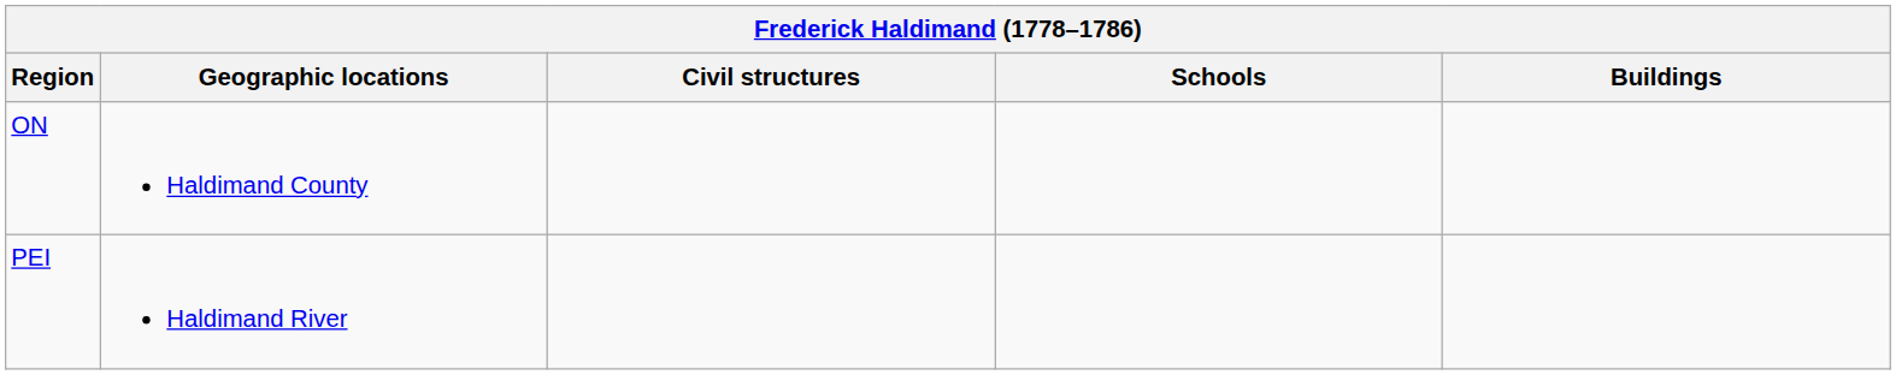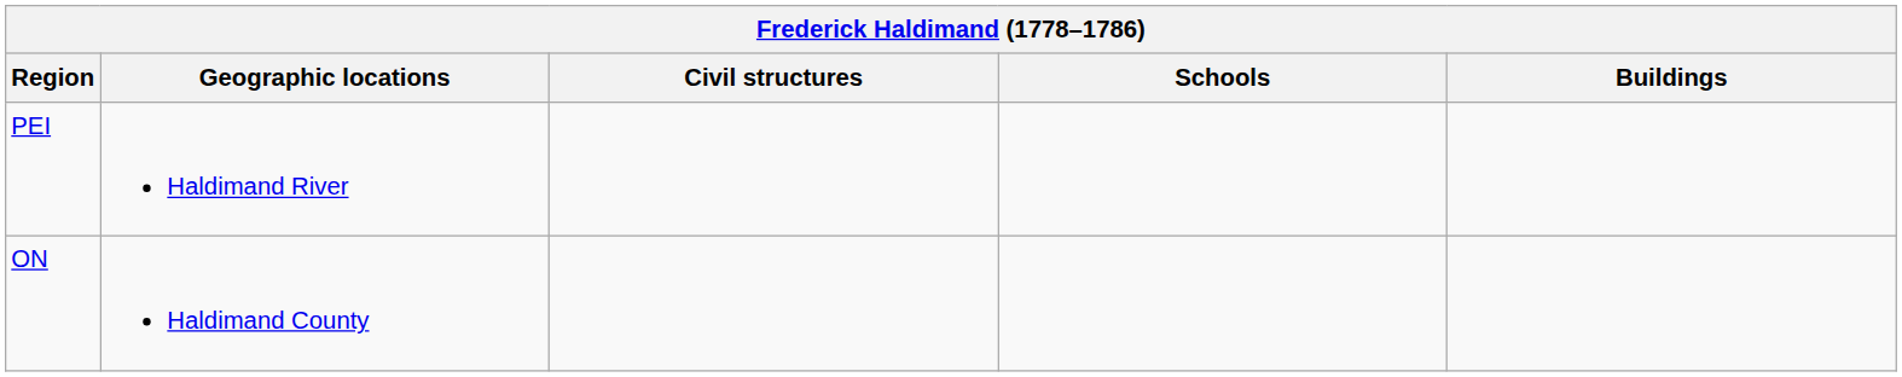 <table class="wikitable sortable" style="font-size:1.00em; line-height:1.5em;">
 <tr>
 <th colspan="5"> <a href='#'>Frederick Haldimand</a> (1778–1786)</th>
 </tr>
 <tr>
 <th width="5%">Region</th>
 <th width="23.75%">Geographic locations</th>
 <th width="23.75%">Civil structures</th>
 <th width="23.75%">Schools</th>
 <th width="23.75%">Buildings</th>
 </tr>
 <tr>
+<td align=left valign=top> <a href='#'>PEI</a></td>
+<td align=left valign=top><br><ul><li><a href='#'>Haldimand River</a></li></ul></td>
+<td></td>
+<td></td>
+<td></td>
+</tr>
+<tr>
 <td align=left valign=top> <a href='#'>ON</a></td>
 <td align=left valign=top><br><ul><li><a href='#'>Haldimand County</a></li></ul></td>
 <td></td>
 <td></td>
 <td></td>
 </tr>
-<tr>
-<td align=left valign=top> <a href='#'>PEI</a></td>
-<td align=left valign=top><br><ul><li><a href='#'>Haldimand River</a></li></ul></td>
-<td></td>
-<td></td>
-<td></td>
-</tr>
 </table>
